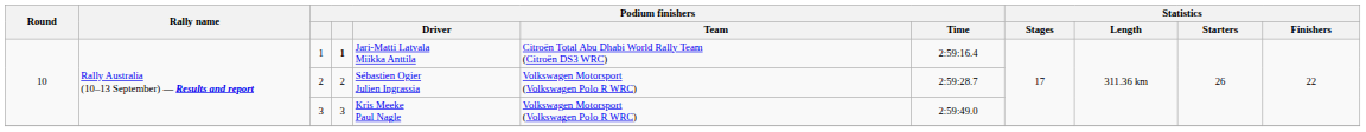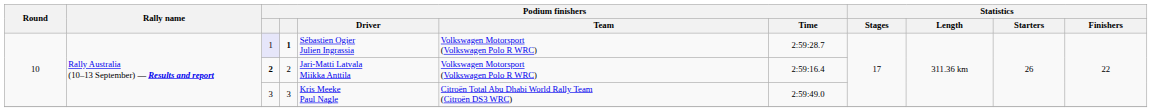 <table class="wikitable" width=90% style="font-size:85%;">
 <tr>
 <th rowspan=2>Round</th>
 <th style="width:22em" rowspan=2>Rally name</th>
 <th colspan=5>Podium finishers</th>
 <th colspan=4>Statistics</th>
 </tr>
 <tr>
 <th></th>
 <th></th>
 <th>Driver</th>
 <th>Team</th>
 <th>Time</th>
 <th>Stages</th>
 <th>Length</th>
 <th>Starters</th>
 <th>Finishers</th>
 </tr>
 <tr>
 <td rowspan=3 align=center>10</td>
 <td rowspan=3 nowrap> <a href='#'>Rally Australia</a><br>(10–13 September) — <strong><em><a href='#'>Results and report</a></em></strong></td>
-<td align=center>1</td>
+<td align=center style="background: lavender;">1</td>
 <td align=center><strong>1</strong></td>
-<td nowrap> <a href='#'>Jari-Matti Latvala</a> <br> <a href='#'>Miikka Anttila</a></td>
-<td nowrap> <a href='#'>Citroën Total Abu Dhabi World Rally Team</a><br> (<a href='#'>Citroën DS3 WRC</a>)</td>
-<td align=center>2:59:16.4</td>
+<td nowrap> <a href='#'>Sébastien Ogier</a> <br> <a href='#'>Julien Ingrassia</a></td>
+<td nowrap> <a href='#'>Volkswagen Motorsport</a> <br> (<a href='#'>Volkswagen Polo R WRC</a>)</td>
+<td align=center>2:59:28.7</td>
 <td rowspan=3 align=center>17</td>
 <td rowspan=3 align=center>311.36 km</td>
 <td rowspan=3 align=center>26</td>
 <td rowspan=3 align=center>22</td>
 </tr>
 <tr>
+<td align=center><strong>2</strong></td>
 <td align=center>2</td>
-<td align=center>2</td>
-<td nowrap> <a href='#'>Sébastien Ogier</a> <br> <a href='#'>Julien Ingrassia</a></td>
+<td nowrap> <a href='#'>Jari-Matti Latvala</a> <br> <a href='#'>Miikka Anttila</a></td>
 <td nowrap> <a href='#'>Volkswagen Motorsport</a> <br> (<a href='#'>Volkswagen Polo R WRC</a>)</td>
-<td align=center>2:59:28.7</td>
+<td align=center>2:59:16.4</td>
 </tr>
 <tr>
 <td align=center>3</td>
 <td align=center>3</td>
 <td nowrap> <a href='#'>Kris Meeke</a> <br> <a href='#'>Paul Nagle</a></td>
-<td nowrap> <a href='#'>Volkswagen Motorsport</a> <br> (<a href='#'>Volkswagen Polo R WRC</a>)</td>
+<td nowrap> <a href='#'>Citroën Total Abu Dhabi World Rally Team</a><br> (<a href='#'>Citroën DS3 WRC</a>)</td>
 <td align=center>2:59:49.0</td>
 </tr>
 <tr>
 </tr>
 </table>
